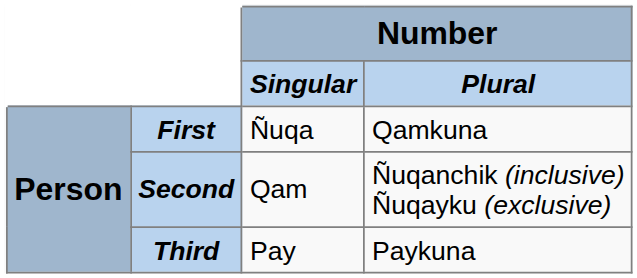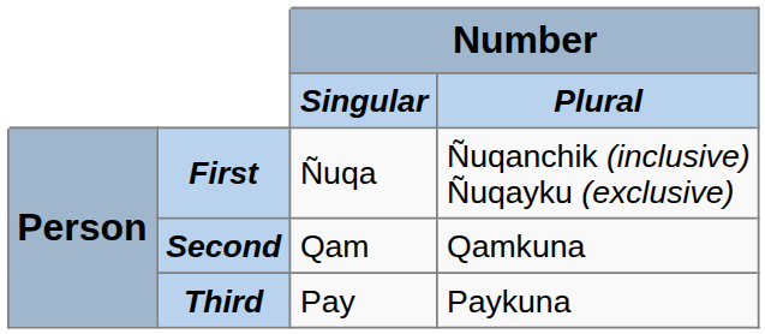 <table border="1" cellpadding="4" cellspacing="0"  style="no float; margin:0 0 1em 1em; background:#f9f9f9; border:1px gray solid; border-collapse:collapse; font-size:95%; vertical-align:center;">
 <tr>
 <td colspan=2 rowspan=2 style="background:white;border-top:2px white solid;border-right:1px solid gray;border-bottom:1px solid gray;border-left:2px white solid;"></td>
 <td colspan="2"  style="text-align:center; background:#9fb6cd;"><big><strong>Number</strong></big></td>
 </tr>
 <tr style="text-align:center; background:#b9d3ee;">
 <td><strong><em>Singular</em></strong></td>
 <td><strong><em>Plural</em></strong></td>
 </tr>
 <tr>
 <td rowspan=3 style="background:#9FB6CD"><big><strong>Person</strong></big></td>
 <td style="text-align:center; background:#b9d3ee;"><strong><em>First</em></strong></td>
 <td>Ñuqa</td>
-<td>Qamkuna</td>
+<td>Ñuqanchik <em>(inclusive)</em><br>Ñuqayku <em>(exclusive)</em></td>
 </tr>
 <tr>
 <td style="text-align:center; background:#b9d3ee;"><strong><em>Second</em></strong></td>
 <td>Qam</td>
-<td>Ñuqanchik <em>(inclusive)</em><br>Ñuqayku <em>(exclusive)</em></td>
+<td>Qamkuna</td>
 </tr>
 <tr>
 <td style="text-align:center; background:#b9d3ee;"><strong><em>Third</em></strong></td>
 <td>Pay</td>
 <td>Paykuna</td>
 </tr>
 </table>
